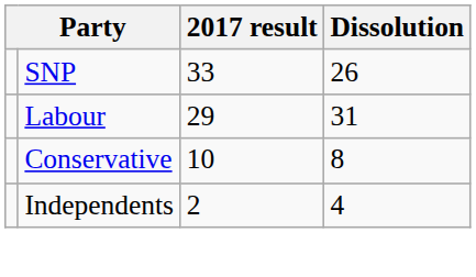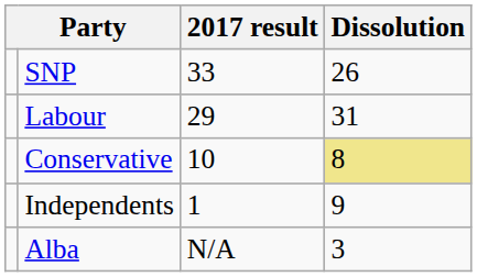 <table class="wikitable">
 <tr>
 <th colspan="2">Party</th>
 <th>2017 result</th>
 <th>Dissolution</th>
 </tr>
 <tr>
 <td style="background:"></td>
 <td><a href='#'>SNP</a></td>
 <td>33</td>
 <td>26</td>
 </tr>
 <tr>
 <td style="background:"></td>
 <td><a href='#'>Labour</a></td>
 <td>29</td>
 <td>31</td>
 </tr>
 <tr>
 <td style="background:"></td>
 <td><a href='#'>Conservative</a></td>
 <td>10</td>
-<td>8</td>
+<td style="background: khaki;">8</td>
 </tr>
 <tr>
 <td style="background:"></td>
 <td>Independents</td>
-<td>2</td>
-<td>4</td>
+<td>1</td>
+<td>9</td>
+</tr>
+<tr>
+<td style="background:"></td>
+<td><a href='#'>Alba</a></td>
+<td>N/A</td>
+<td>3</td>
 </tr>
 </table>
